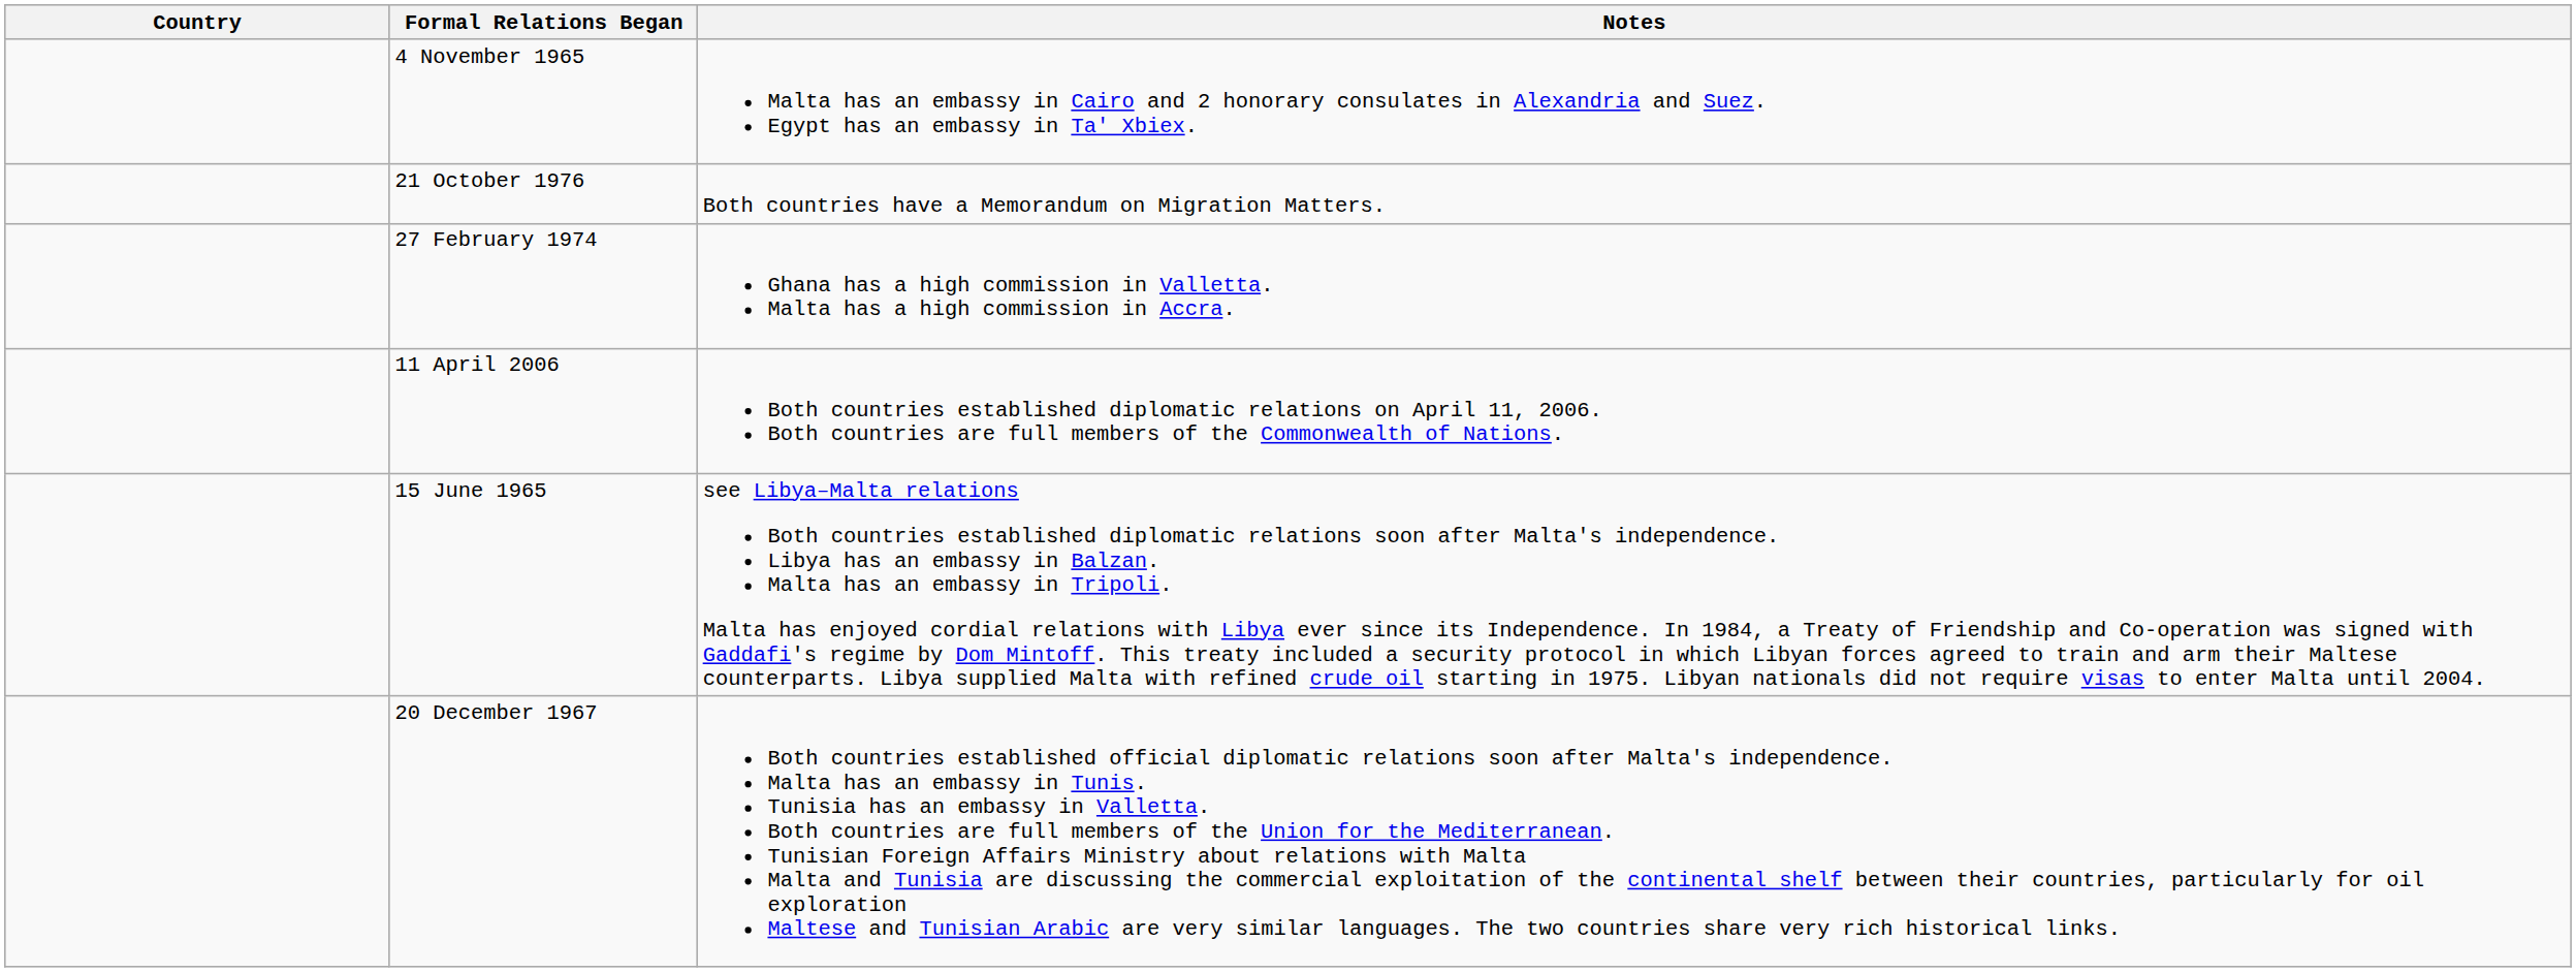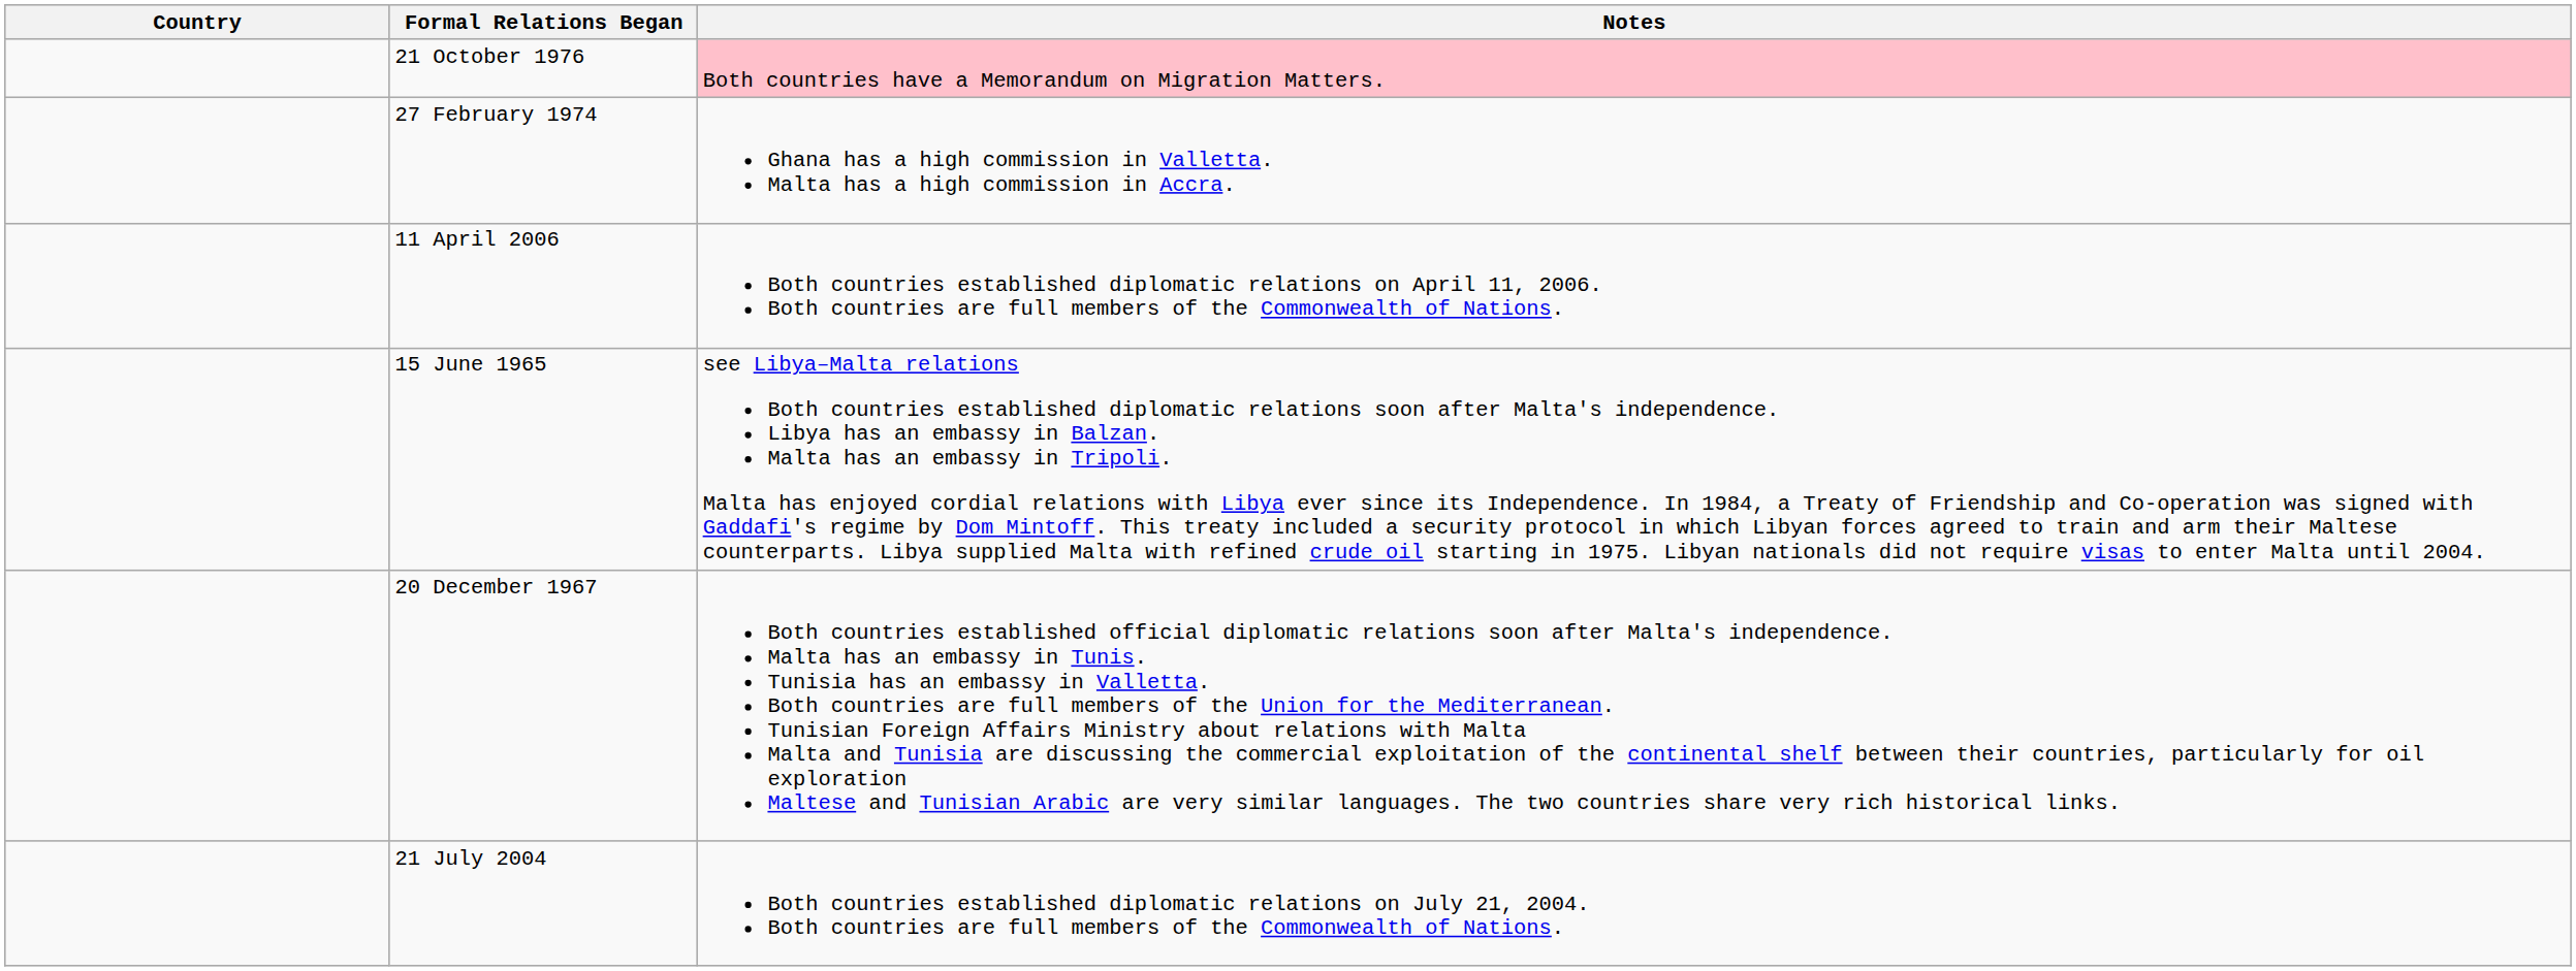 <table class="wikitable sortable" style="width:100%; margin:auto;">
 <tr>
 <th style="width:15%;">Country</th>
 <th style="width:12%;">Formal Relations Began</th>
 <th>Notes</th>
 </tr>
 <tr valign="top">
 <td></td>
-<td>4 November 1965</td>
-<td><br><ul><li>Malta has an embassy in <a href='#'>Cairo</a> and 2 honorary consulates in <a href='#'>Alexandria</a> and <a href='#'>Suez</a>.</li><li>Egypt has an embassy in <a href='#'>Ta' Xbiex</a>.</li></ul></td>
-</tr>
-<tr valign="top">
-<td></td>
 <td>21 October 1976</td>
-<td><br>Both countries have a Memorandum on Migration Matters.</td>
+<td style="background: pink;"><br>Both countries have a Memorandum on Migration Matters.</td>
 </tr>
 <tr valign="top">
 <td></td>
 <td>27 February 1974</td>
 <td><br><ul><li>Ghana has a high commission in <a href='#'>Valletta</a>.</li><li>Malta has a high commission in <a href='#'>Accra</a>.</li></ul></td>
 </tr>
 <tr valign="top">
 <td></td>
 <td>11 April 2006</td>
 <td><br><ul><li>Both countries established diplomatic relations on April 11, 2006.</li><li>Both countries are full members of the <a href='#'>Commonwealth of Nations</a>.</li></ul></td>
 </tr>
 <tr valign="top">
 <td></td>
 <td>15 June 1965</td>
 <td>see <a href='#'>Libya–Malta relations</a><br><ul><li>Both countries established diplomatic relations soon after Malta's independence.</li><li>Libya has an embassy in <a href='#'>Balzan</a>.</li><li>Malta has an embassy in <a href='#'>Tripoli</a>.</li></ul>Malta has enjoyed cordial relations with <a href='#'>Libya</a> ever since its Independence. In 1984, a Treaty of Friendship and Co-operation was signed with <a href='#'>Gaddafi</a>'s regime by <a href='#'>Dom Mintoff</a>. This treaty included a security protocol in which Libyan forces agreed to train and arm their Maltese counterparts. Libya supplied Malta with refined <a href='#'>crude oil</a> starting in 1975. Libyan nationals did not require <a href='#'>visas</a> to enter Malta until 2004. </td>
 </tr>
 <tr valign="top">
 <td></td>
 <td>20 December 1967</td>
 <td><br><ul><li>Both countries established official diplomatic relations soon after Malta's independence.</li><li>Malta has an embassy in <a href='#'>Tunis</a>.</li><li>Tunisia has an embassy in <a href='#'>Valletta</a>.</li><li>Both countries are full members of the <a href='#'>Union for the Mediterranean</a>.</li><li>Tunisian Foreign Affairs Ministry about relations with Malta</li><li>Malta and <a href='#'>Tunisia</a> are discussing the commercial exploitation of the <a href='#'>continental shelf</a> between their countries, particularly for oil exploration</li><li><a href='#'>Maltese</a> and <a href='#'>Tunisian Arabic</a> are very similar languages. The two countries share very rich historical links.</li></ul></td>
 </tr>
+<tr valign="top">
+<td></td>
+<td>21 July 2004</td>
+<td><br><ul><li>Both countries established diplomatic relations on July 21, 2004.</li><li>Both countries are full members of the <a href='#'>Commonwealth of Nations</a>.</li></ul></td>
+</tr>
 </table>
